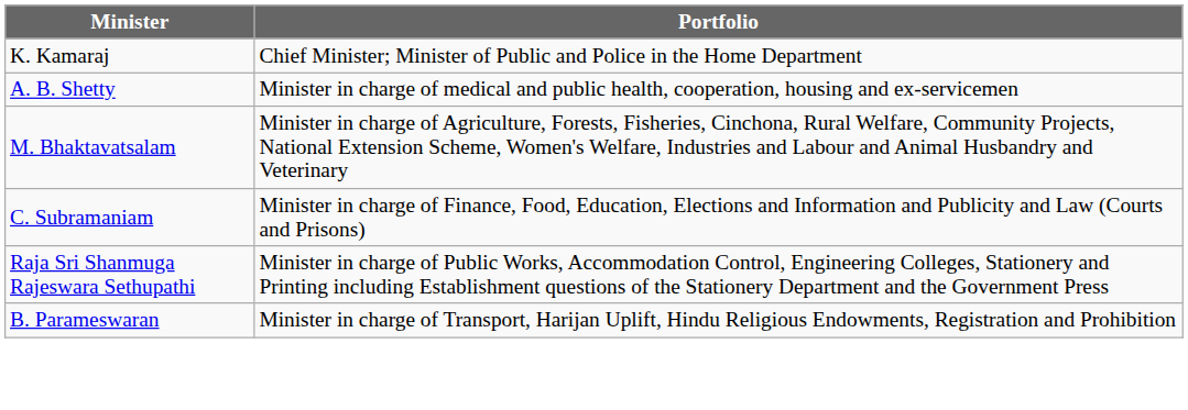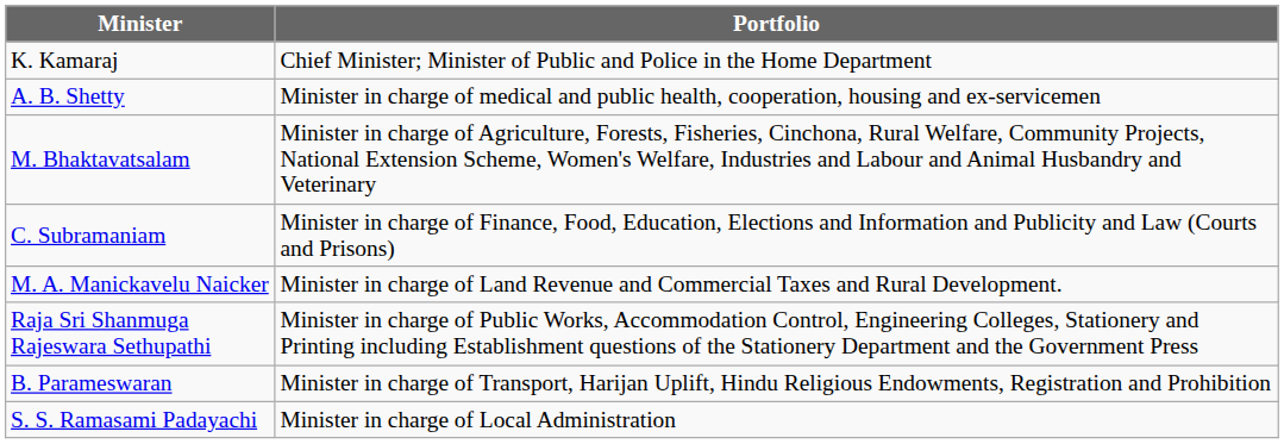 <table class="wikitable" width="70%" style="font-size: x-big; font-family: verdana">
 <tr>
 <th style="background-color:#666666; color:white">Minister</th>
 <th style="background-color:#666666; color:white">Portfolio</th>
 </tr>
 <tr>
 <td>K. Kamaraj</td>
 <td>Chief Minister; Minister of Public and Police in the Home Department</td>
 </tr>
 <tr>
 <td><a href='#'>A. B. Shetty</a></td>
 <td>Minister in charge of medical and public health, cooperation, housing and ex-servicemen</td>
 </tr>
 <tr>
 <td><a href='#'>M. Bhaktavatsalam</a></td>
 <td>Minister in charge of Agriculture, Forests, Fisheries, Cinchona, Rural Welfare, Community Projects, National Extension Scheme, Women's Welfare, Industries and Labour and Animal Husbandry and Veterinary</td>
 </tr>
 <tr>
 <td><a href='#'>C. Subramaniam</a></td>
 <td>Minister in charge of Finance, Food, Education, Elections and Information and Publicity and Law (Courts and Prisons)</td>
 </tr>
 <tr>
+<td><a href='#'>M. A. Manickavelu Naicker</a></td>
+<td>Minister in charge of Land Revenue and Commercial Taxes and Rural Development.</td>
+</tr>
+<tr>
 <td><a href='#'>Raja Sri Shanmuga Rajeswara Sethupathi</a></td>
 <td>Minister in charge of Public Works, Accommodation Control, Engineering Colleges, Stationery and Printing including Establishment questions of the Stationery Department and the Government Press</td>
 </tr>
 <tr>
 <td><a href='#'>B. Parameswaran</a></td>
 <td>Minister in charge of Transport, Harijan Uplift, Hindu Religious Endowments, Registration and Prohibition</td>
 </tr>
+<tr>
+<td><a href='#'>S. S. Ramasami Padayachi</a></td>
+<td>Minister in charge of Local Administration</td>
+</tr>
 </table>
